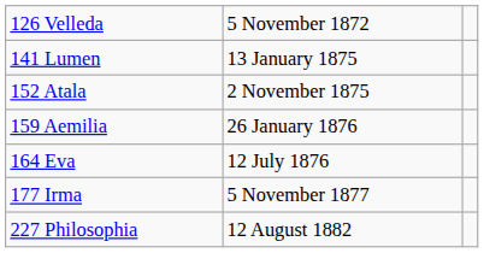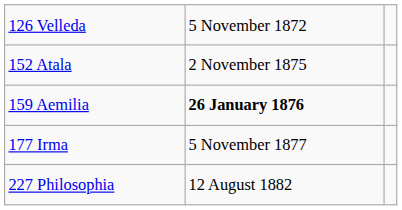 <table class="wikitable" style="font-size: 89%; float: left; width: 24em; margin-right: 1em; height: 175px;">
 <tr>
 <td><a href='#'>126 Velleda</a></td>
 <td>5 November 1872</td>
-<td></td>
-</tr>
-<tr>
-<td><a href='#'>141 Lumen</a></td>
-<td>13 January 1875</td>
 <td></td>
 </tr>
 <tr>
 <td><a href='#'>152 Atala</a></td>
 <td>2 November 1875</td>
 <td></td>
 </tr>
 <tr>
 <td><a href='#'>159 Aemilia</a></td>
-<td>26 January 1876</td>
-<td></td>
-</tr>
-<tr>
-<td><a href='#'>164 Eva</a></td>
-<td>12 July 1876</td>
+<td><strong>26 January 1876</strong></td>
 <td></td>
 </tr>
 <tr>
 <td><a href='#'>177 Irma</a></td>
 <td>5 November 1877</td>
 <td></td>
 </tr>
 <tr>
 <td><a href='#'>227 Philosophia</a></td>
 <td>12 August 1882</td>
 <td></td>
 </tr>
 </table>
